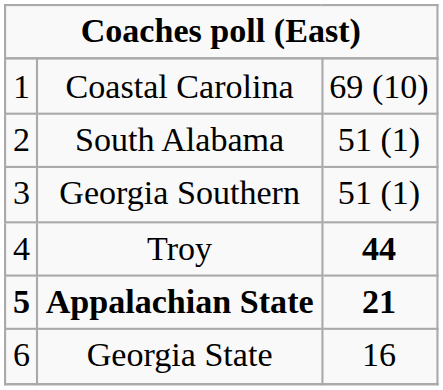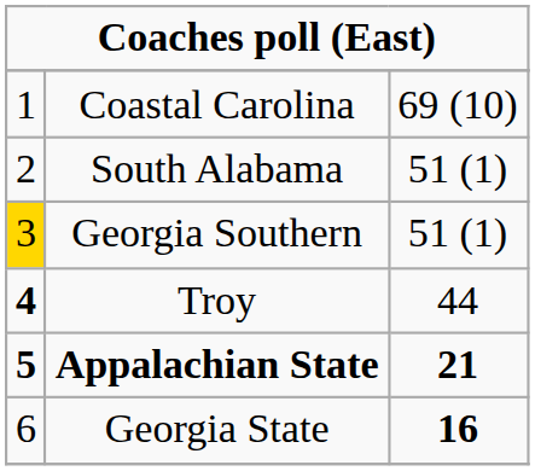 <table class="wikitable">
 <tr align="center">
 <td align="center" Colspan="3"><strong>Coaches poll (East)</strong></td>
 </tr>
 <tr align="center">
 </tr>
 <tr align="center">
 <td>1</td>
 <td>Coastal Carolina</td>
 <td>69 (10)</td>
 </tr>
 <tr align="center">
 <td>2</td>
 <td>South Alabama</td>
 <td>51 (1)</td>
 </tr>
 <tr align="center">
-<td>3</td>
+<td style="background: gold;">3</td>
 <td>Georgia Southern</td>
 <td>51 (1)</td>
 </tr>
 <tr align="center">
-<td>4</td>
+<td><strong>4</strong></td>
 <td>Troy</td>
-<td><strong>44</strong></td>
+<td>44</td>
 </tr>
 <tr align="center">
 <td><strong>5</strong></td>
 <td><strong>Appalachian State</strong></td>
 <td><strong>21</strong></td>
 </tr>
 <tr align="center">
 <td>6</td>
 <td>Georgia State</td>
-<td>16</td>
+<td><strong>16</strong></td>
 </tr>
 <tr align="center">
 </tr>
 </table>
